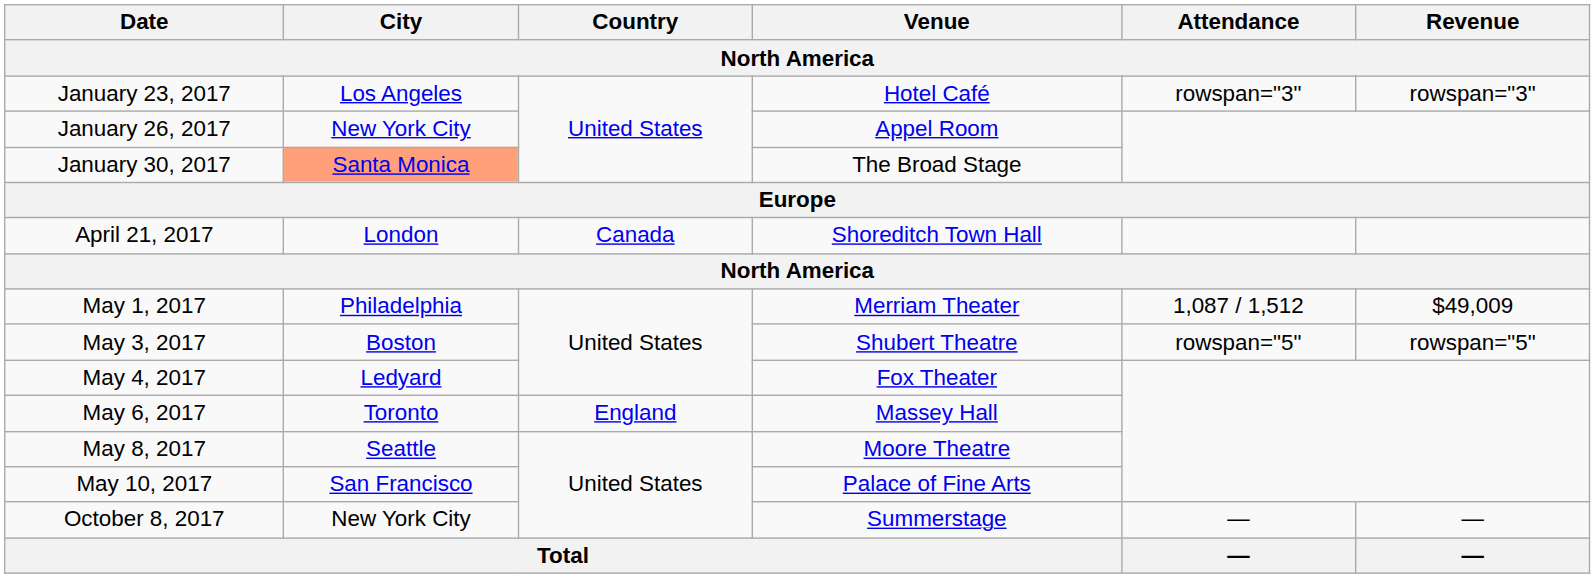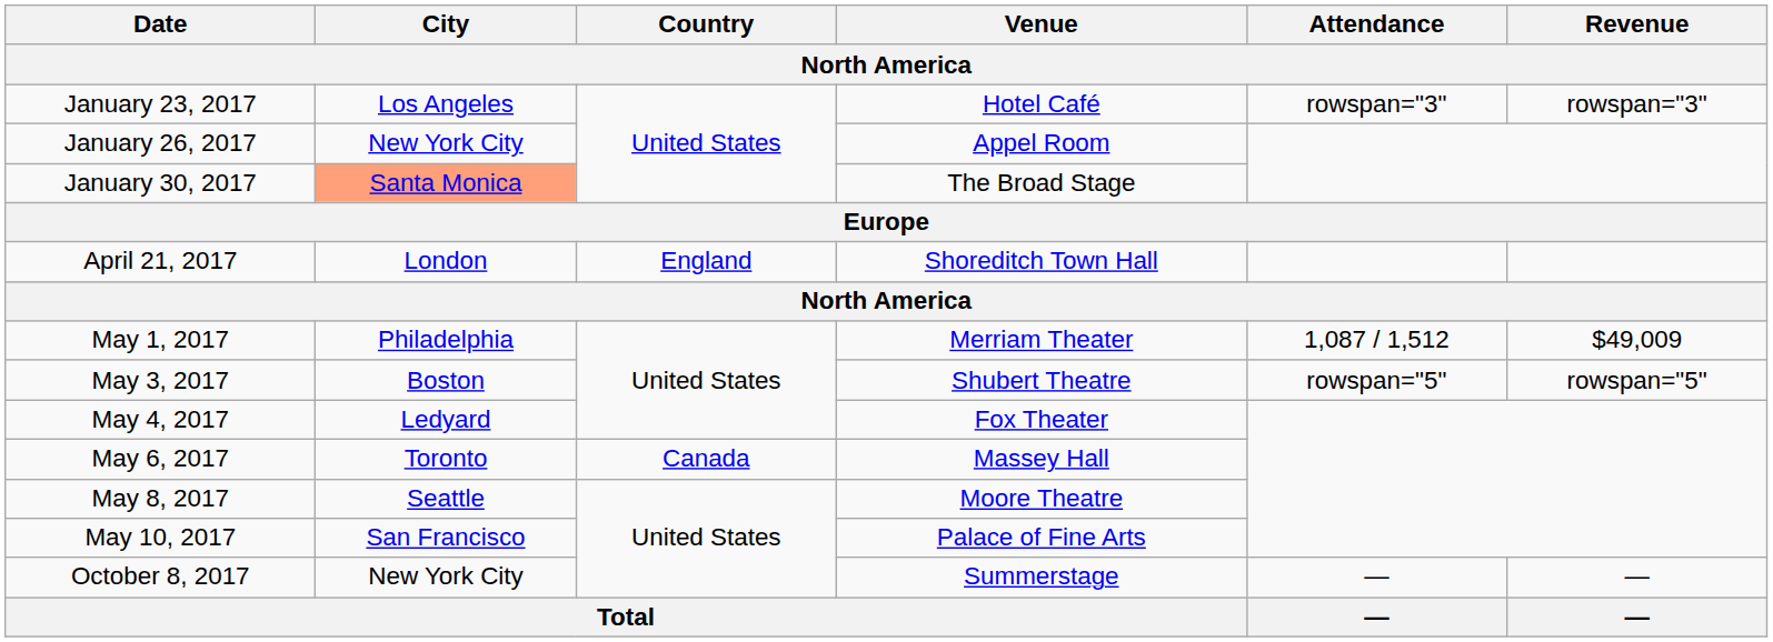 <table class="wikitable plainrowheaders" style="text-align:center;">
 <tr>
 <th scope="col" style="width:12em;">Date</th>
 <th scope="col" style="width:10em;">City</th>
 <th scope="col" style="width:10em;">Country</th>
 <th scope="col" style="width:16em;">Venue</th>
 <th scope="col" style="width:10em;">Attendance</th>
 <th scope="col" style="width:10em;">Revenue</th>
 </tr>
 <tr>
 <th colspan="7">North America</th>
 </tr>
 <tr>
 <td>January 23, 2017</td>
 <td><a href='#'>Los Angeles</a></td>
 <td rowspan="3"><a href='#'>United States</a></td>
 <td><a href='#'>Hotel Café</a></td>
 <td>rowspan="3" </td>
 <td>rowspan="3" </td>
 </tr>
 <tr>
 <td>January 26, 2017</td>
 <td><a href='#'>New York City</a></td>
 <td><a href='#'>Appel Room</a></td>
 </tr>
 <tr>
 <td>January 30, 2017</td>
 <td style="background: lightsalmon;"><a href='#'>Santa Monica</a></td>
 <td>The Broad Stage</td>
 </tr>
 <tr>
 <th colspan="7">Europe</th>
 </tr>
 <tr>
 <td>April 21, 2017</td>
 <td><a href='#'>London</a></td>
-<td><a href='#'>Canada</a></td>
+<td rowspan="1"><a href='#'>England</a></td>
 <td><a href='#'>Shoreditch Town Hall</a></td>
 <td></td>
 <td></td>
 </tr>
 <tr>
 <th colspan="7">North America</th>
 </tr>
 <tr>
 <td>May 1, 2017</td>
 <td><a href='#'>Philadelphia</a></td>
 <td rowspan="3">United States</td>
 <td><a href='#'>Merriam Theater</a></td>
 <td>1,087 / 1,512</td>
 <td>$49,009</td>
 </tr>
 <tr>
 <td>May 3, 2017</td>
 <td><a href='#'>Boston</a></td>
 <td><a href='#'>Shubert Theatre</a></td>
 <td>rowspan="5" </td>
 <td>rowspan="5" </td>
 </tr>
 <tr>
 <td>May 4, 2017</td>
 <td><a href='#'>Ledyard</a></td>
 <td><a href='#'>Fox Theater</a></td>
 </tr>
 <tr>
 <td>May 6, 2017</td>
 <td><a href='#'>Toronto</a></td>
-<td rowspan="1"><a href='#'>England</a></td>
+<td><a href='#'>Canada</a></td>
 <td><a href='#'>Massey Hall</a></td>
 </tr>
 <tr>
 <td>May 8, 2017</td>
 <td><a href='#'>Seattle</a></td>
 <td rowspan="3">United States</td>
 <td><a href='#'>Moore Theatre</a></td>
 </tr>
 <tr>
 <td>May 10, 2017</td>
 <td><a href='#'>San Francisco</a></td>
 <td><a href='#'>Palace of Fine Arts</a></td>
 </tr>
 <tr>
 <td>October 8, 2017</td>
 <td>New York City</td>
 <td><a href='#'>Summerstage</a></td>
 <td>—</td>
 <td>—</td>
 </tr>
 <tr>
 <th colspan="4">Total</th>
 <th>—</th>
 <th>—</th>
 </tr>
 </table>
